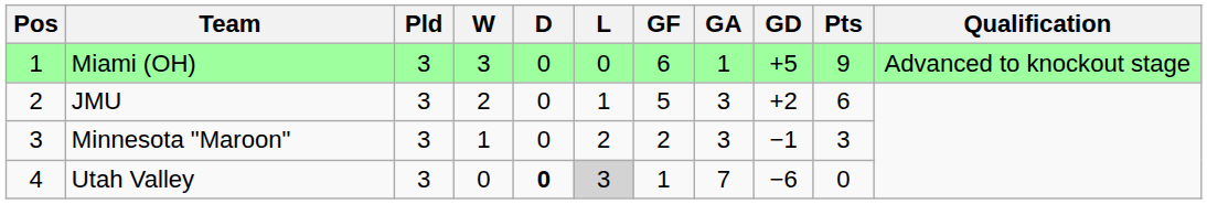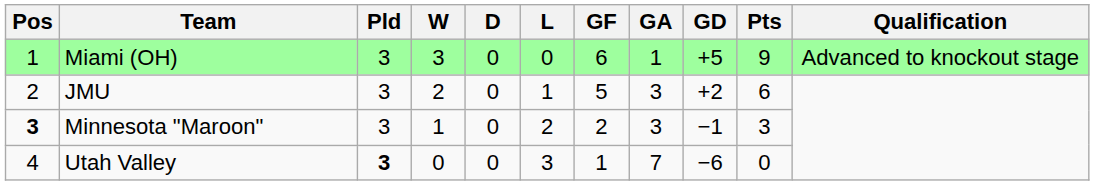 <table class="wikitable" style="text-align:center; margin: 1em auto">
 <tr>
 <th style="width:2em">Pos</th>
 <th style="width:13em">Team</th>
 <th style="width:2em">Pld</th>
 <th style="width:2em">W</th>
 <th style="width:2em">D</th>
 <th style="width:2em">L</th>
 <th style="width:2em">GF</th>
 <th style="width:2em">GA</th>
 <th style="width:2em">GD</th>
 <th style="width:2em">Pts</th>
 <th style="width:13em">Qualification</th>
 </tr>
 <tr bgcolor="#9eff9e">
 <td>1</td>
 <td style="text-align:left">Miami (OH)</td>
 <td>3</td>
 <td>3</td>
 <td>0</td>
 <td>0</td>
 <td>6</td>
 <td>1</td>
 <td>+5</td>
 <td>9</td>
 <td>Advanced to knockout stage</td>
 </tr>
 <tr>
 <td>2</td>
 <td style="text-align:left">JMU</td>
 <td>3</td>
 <td>2</td>
 <td>0</td>
 <td>1</td>
 <td>5</td>
 <td>3</td>
 <td>+2</td>
 <td>6</td>
 <td rowspan="3"></td>
 </tr>
 <tr>
-<td>3</td>
+<td><strong>3</strong></td>
 <td style="text-align:left">Minnesota "Maroon"</td>
 <td>3</td>
 <td>1</td>
 <td>0</td>
 <td>2</td>
 <td>2</td>
 <td>3</td>
 <td>−1</td>
 <td>3</td>
 </tr>
 <tr>
 <td>4</td>
 <td style="text-align:left">Utah Valley</td>
+<td><strong>3</strong></td>
+<td>0</td>
+<td>0</td>
 <td>3</td>
-<td>0</td>
-<td><strong>0</strong></td>
-<td style="background: lightgrey;">3</td>
 <td>1</td>
 <td>7</td>
 <td>−6</td>
 <td>0</td>
 </tr>
 </table>
